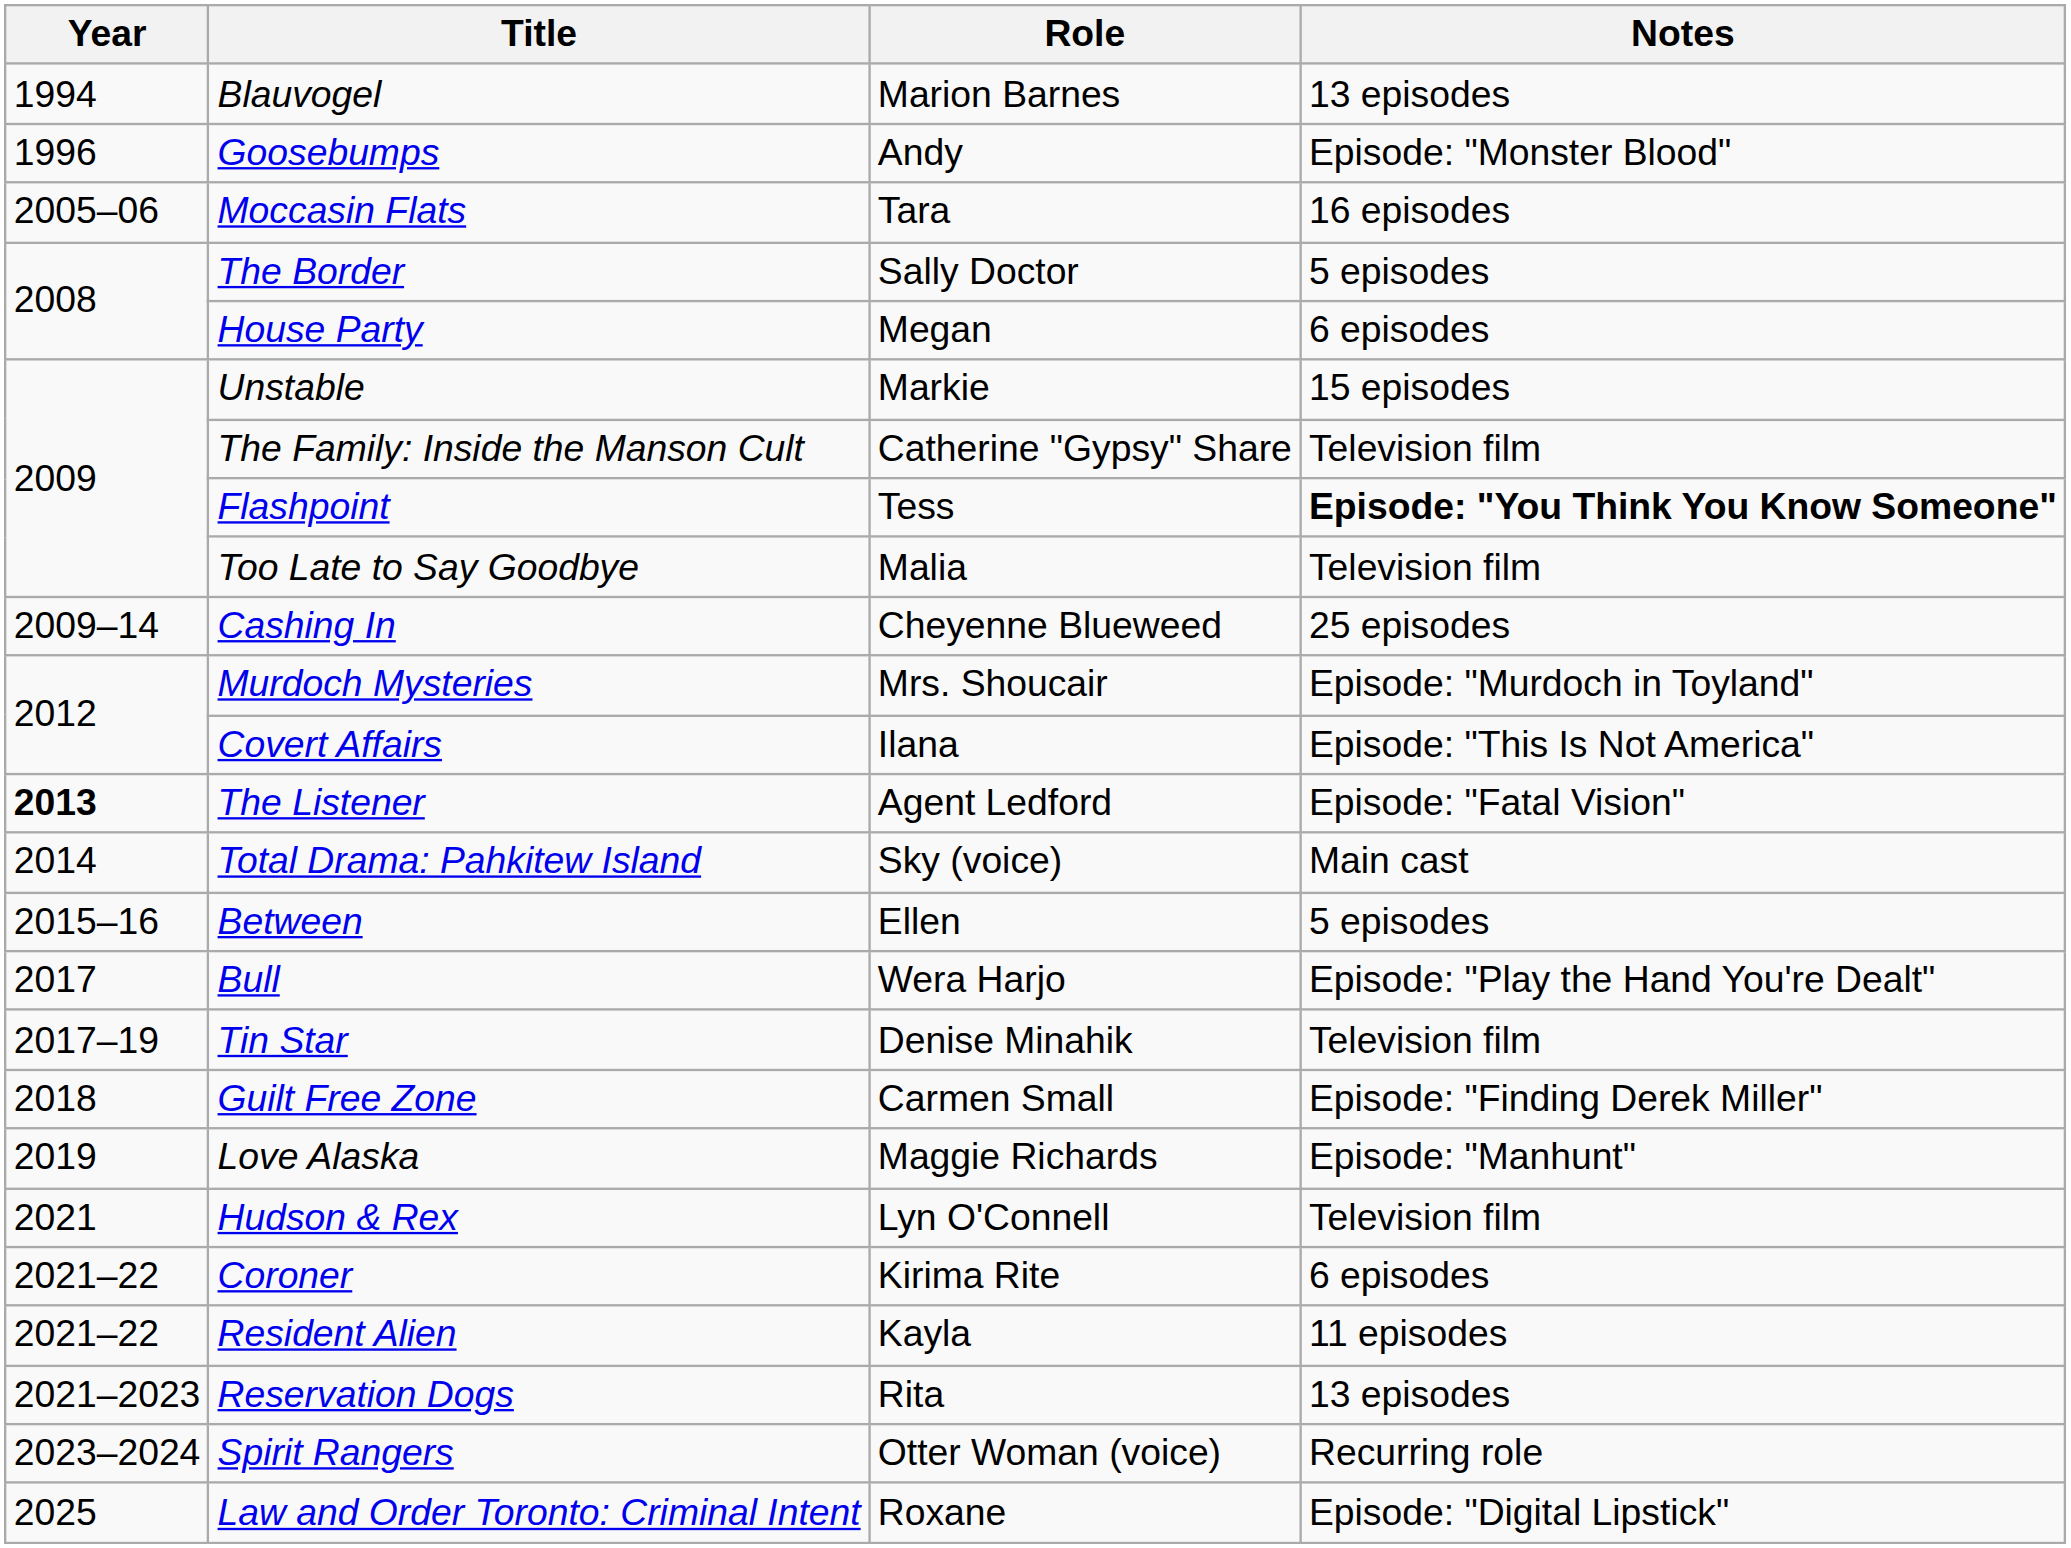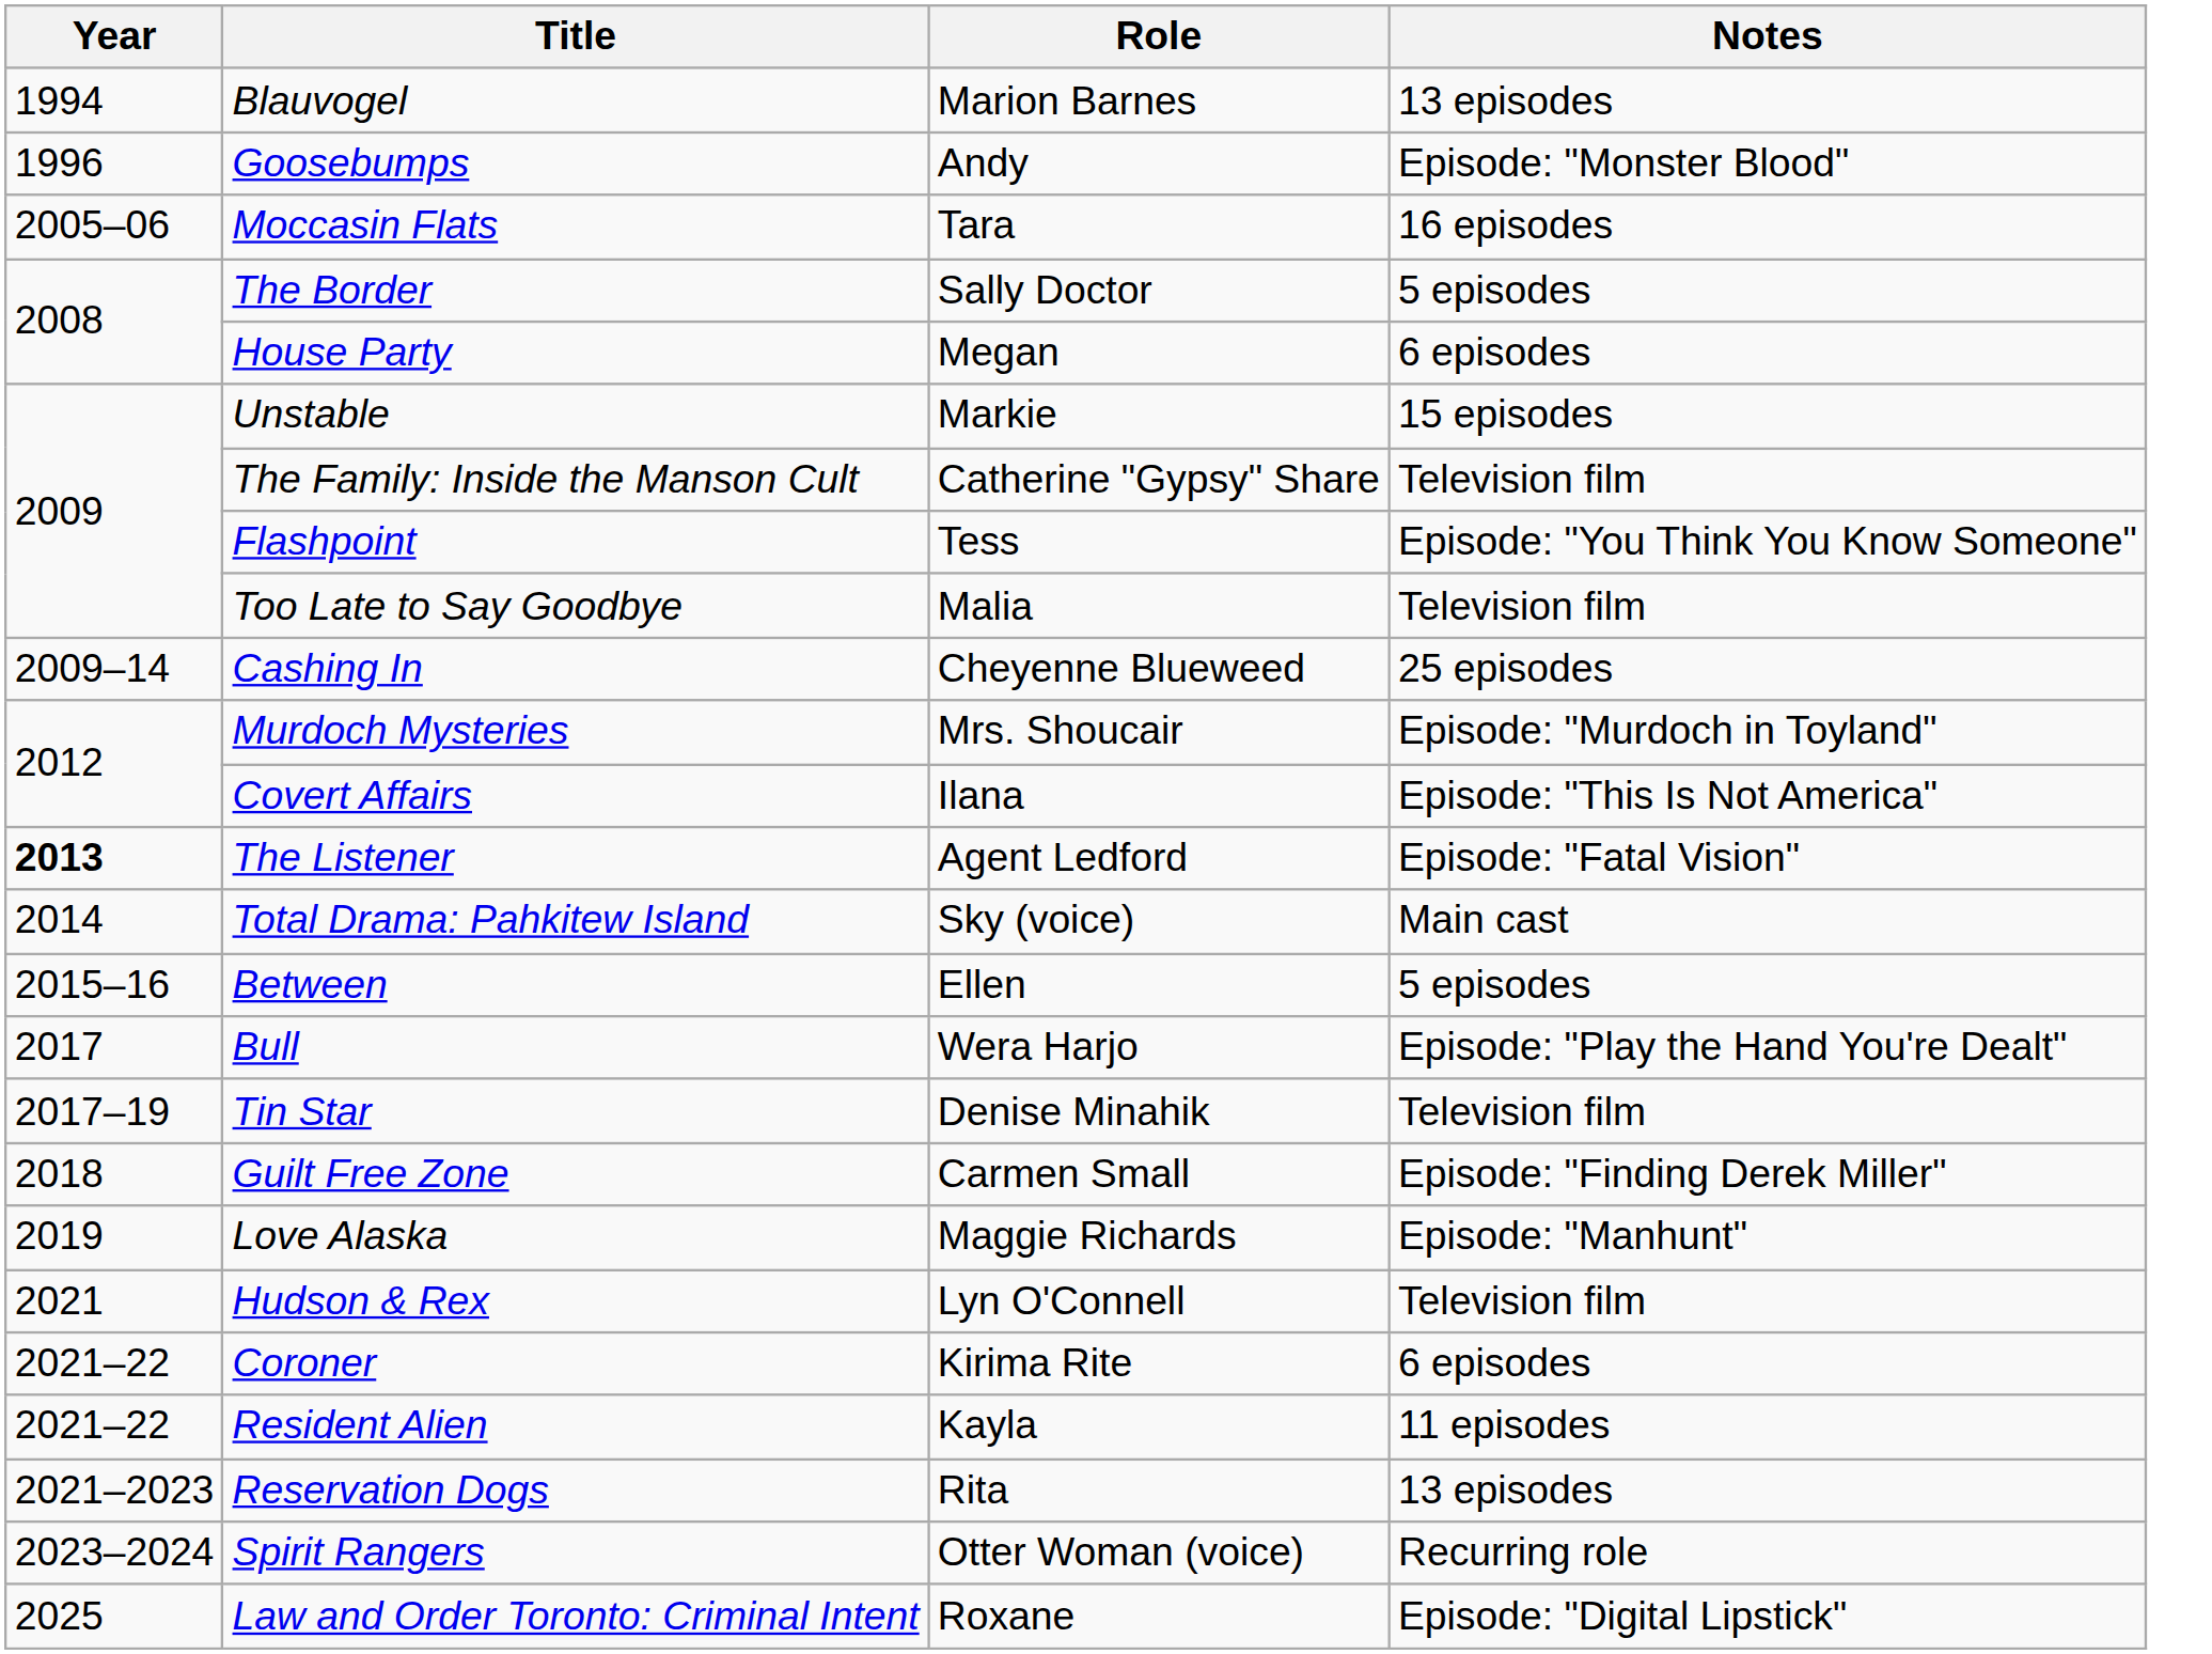 <table class="wikitable sortable">
 <tr>
 <th>Year</th>
 <th>Title</th>
 <th>Role</th>
 <th class="unsortable">Notes</th>
 </tr>
 <tr>
 <td>1994</td>
 <td><em>Blauvogel</em></td>
 <td>Marion Barnes</td>
 <td>13 episodes</td>
 </tr>
 <tr>
 <td>1996</td>
 <td><em><a href='#'>Goosebumps</a></em></td>
 <td>Andy</td>
 <td>Episode: "Monster Blood"</td>
 </tr>
 <tr>
 <td>2005–06</td>
 <td><em><a href='#'>Moccasin Flats</a></em></td>
 <td>Tara</td>
 <td>16 episodes</td>
 </tr>
 <tr>
 <td rowspan=2>2008</td>
 <td data-sort-value="Border, The"><em><a href='#'>The Border</a></em></td>
 <td>Sally Doctor</td>
 <td>5 episodes</td>
 </tr>
 <tr>
 <td><em><a href='#'>House Party</a></em></td>
 <td>Megan</td>
 <td>6 episodes</td>
 </tr>
 <tr>
 <td rowspan=4>2009</td>
 <td><em>Unstable</em></td>
 <td>Markie</td>
 <td>15 episodes</td>
 </tr>
 <tr>
 <td data-sort-value="Family: Inside the Manson Cult, The"><em>The Family: Inside the Manson Cult</em></td>
 <td>Catherine "Gypsy" Share</td>
 <td>Television film</td>
 </tr>
 <tr>
 <td><em><a href='#'>Flashpoint</a></em></td>
 <td>Tess</td>
-<td><strong>Episode: "You Think You Know Someone"</strong></td>
+<td>Episode: "You Think You Know Someone"</td>
 </tr>
 <tr>
 <td><em>Too Late to Say Goodbye</em></td>
 <td>Malia</td>
 <td>Television film</td>
 </tr>
 <tr>
 <td>2009–14</td>
 <td><em><a href='#'>Cashing In</a></em></td>
 <td>Cheyenne Blueweed</td>
 <td>25 episodes</td>
 </tr>
 <tr>
 <td rowspan=2>2012</td>
 <td><em><a href='#'>Murdoch Mysteries</a></em></td>
 <td>Mrs. Shoucair</td>
 <td>Episode: "Murdoch in Toyland"</td>
 </tr>
 <tr>
 <td><em><a href='#'>Covert Affairs</a></em></td>
 <td>Ilana</td>
 <td>Episode: "This Is Not America"</td>
 </tr>
 <tr>
 <td><strong>2013</strong></td>
 <td data-sort-value="Listener, The"><em><a href='#'>The Listener</a></em></td>
 <td>Agent Ledford</td>
 <td>Episode: "Fatal Vision"</td>
 </tr>
 <tr>
 <td>2014</td>
 <td><em><a href='#'>Total Drama: Pahkitew Island</a></em></td>
 <td>Sky (voice)</td>
 <td>Main cast</td>
 </tr>
 <tr>
 <td>2015–16</td>
 <td><em><a href='#'>Between</a></em></td>
 <td>Ellen</td>
 <td>5 episodes</td>
 </tr>
 <tr>
 <td>2017</td>
 <td><em><a href='#'>Bull</a></em></td>
 <td>Wera Harjo</td>
 <td>Episode: "Play the Hand You're Dealt"</td>
 </tr>
 <tr>
 <td>2017–19</td>
 <td><em><a href='#'>Tin Star</a></em></td>
 <td>Denise Minahik</td>
 <td>Television film</td>
 </tr>
 <tr>
 <td>2018</td>
 <td><em><a href='#'>Guilt Free Zone</a></em></td>
 <td>Carmen Small</td>
 <td>Episode: "Finding Derek Miller"</td>
 </tr>
 <tr>
 <td>2019</td>
 <td><em>Love Alaska</em></td>
 <td>Maggie Richards</td>
 <td>Episode: "Manhunt"</td>
 </tr>
 <tr>
 <td>2021</td>
 <td><em><a href='#'>Hudson & Rex</a></em></td>
 <td>Lyn O'Connell</td>
 <td>Television film</td>
 </tr>
 <tr>
 <td>2021–22</td>
 <td><em><a href='#'>Coroner</a></em></td>
 <td>Kirima Rite</td>
 <td>6 episodes</td>
 </tr>
 <tr>
 <td>2021–22</td>
 <td><em><a href='#'>Resident Alien</a></em></td>
 <td>Kayla</td>
 <td>11 episodes</td>
 </tr>
 <tr>
 <td>2021–2023</td>
 <td><em><a href='#'>Reservation Dogs</a></em></td>
 <td>Rita</td>
 <td>13 episodes</td>
 </tr>
 <tr>
 <td>2023–2024</td>
 <td><em><a href='#'>Spirit Rangers</a></em></td>
 <td>Otter Woman (voice)</td>
 <td>Recurring role</td>
 </tr>
 <tr>
 <td>2025</td>
 <td><em><a href='#'>Law and Order Toronto: Criminal Intent</a></em></td>
 <td>Roxane</td>
 <td>Episode: "Digital Lipstick"</td>
 </tr>
 </table>
